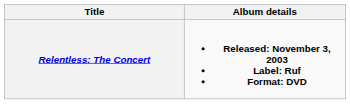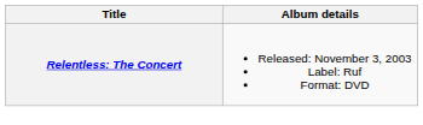 <table class="wikitable plainrowheaders" style="text-align:center;">
 <tr>
 <th scope="col" style="width:18em;">Title</th>
 <th scope="col" style="width:16em;">Album details</th>
 </tr>
 <tr>
 <th scope="row"><em><a href='#'>Relentless: The Concert</a></em><br></th>
-<td><strong><br><ul><li>Released: November 3, 2003</li><li>Label: Ruf</li><li>Format: DVD</li></ul></strong></td>
+<td><br><ul><li>Released: November 3, 2003</li><li>Label: Ruf</li><li>Format: DVD</li></ul></td>
 </tr>
 </table>
